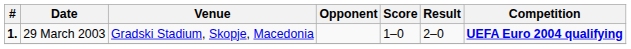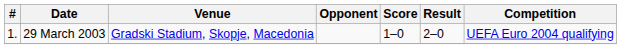 <table class="wikitable">
 <tr>
 <th>#</th>
 <th>Date</th>
 <th>Venue</th>
 <th>Opponent</th>
 <th>Score</th>
 <th>Result</th>
 <th>Competition</th>
 </tr>
 <tr>
-<td><strong>1.</strong></td>
+<td>1.</td>
 <td>29 March 2003</td>
 <td><a href='#'>Gradski Stadium</a>, <a href='#'>Skopje</a>, <a href='#'>Macedonia</a></td>
 <td></td>
 <td>1–0</td>
 <td>2–0</td>
-<td><strong><a href='#'>UEFA Euro 2004 qualifying</a></strong></td>
+<td><a href='#'>UEFA Euro 2004 qualifying</a></td>
 </tr>
 <tr>
 </tr>
 </table>
